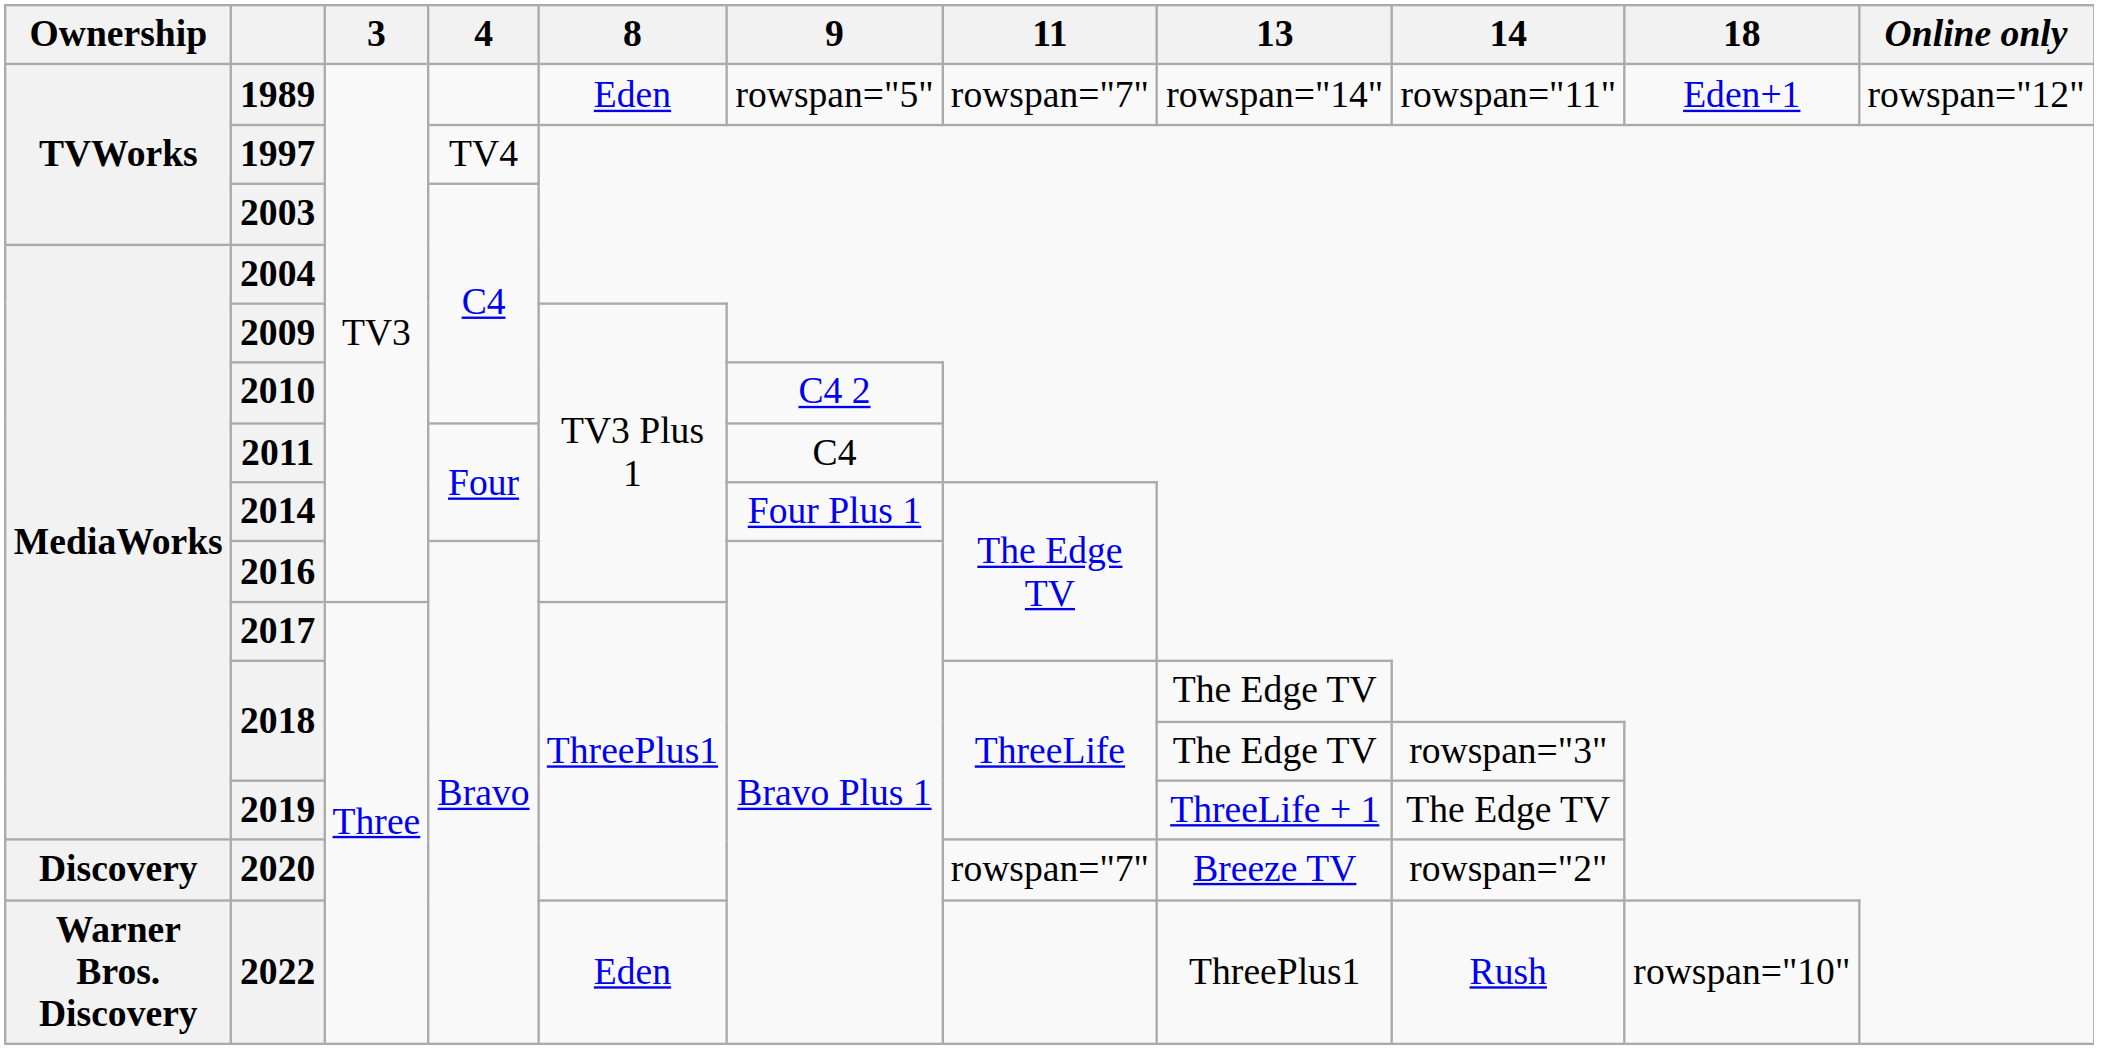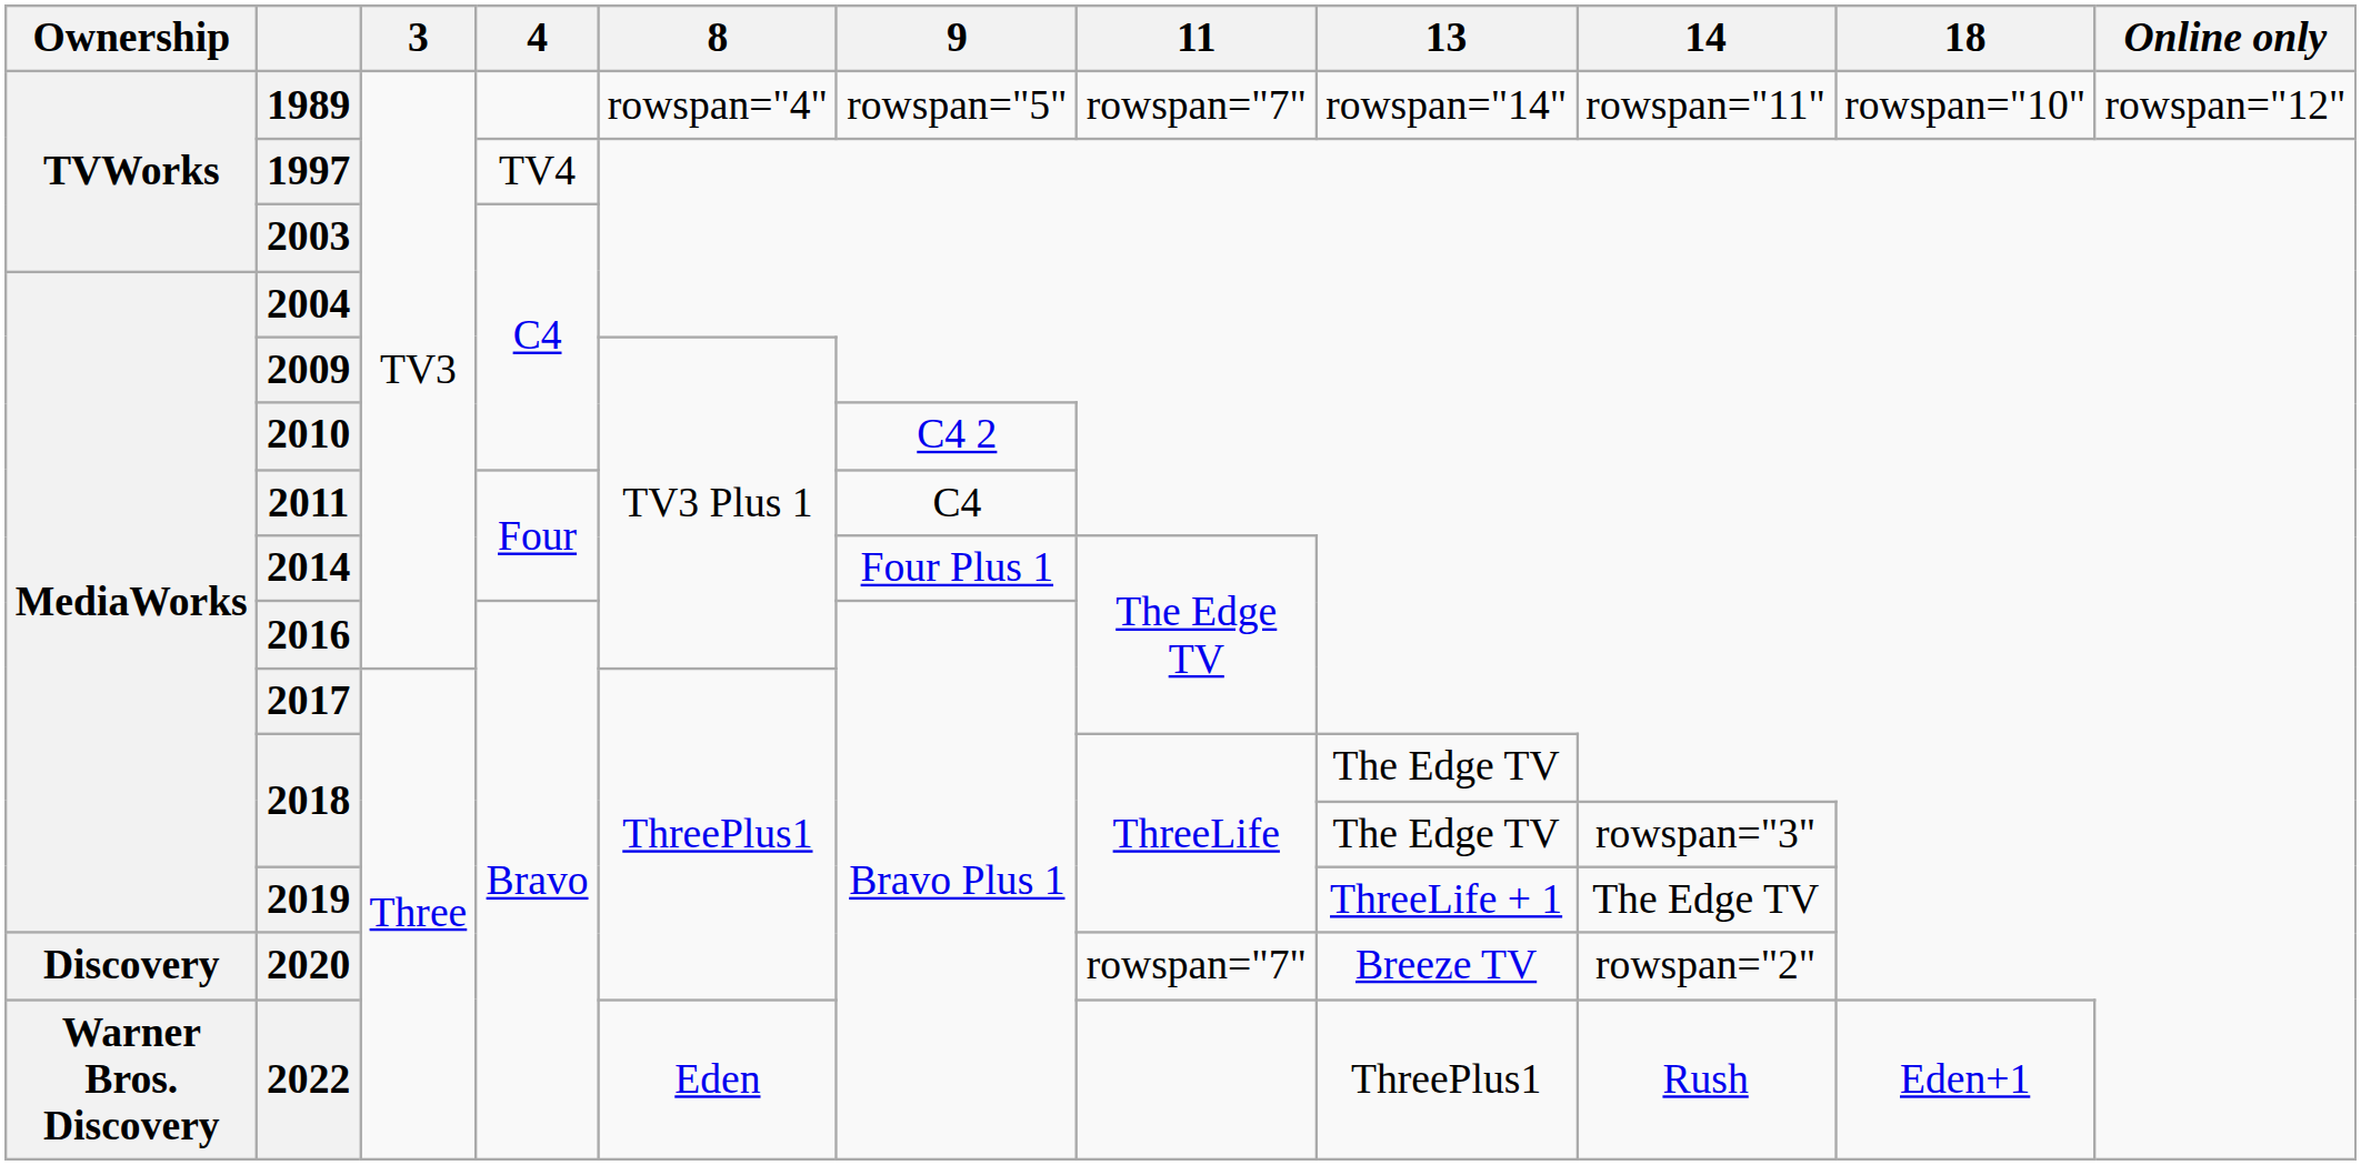 <table class="wikitable" style="text-align:center;">
 <tr>
 <th>Ownership</th>
 <th></th>
 <th>3</th>
 <th>4</th>
 <th>8</th>
 <th>9</th>
 <th>11</th>
 <th>13</th>
 <th>14</th>
 <th>18</th>
 <th><em>Online only</em></th>
 </tr>
 <tr>
 <th rowspan=3>TVWorks</th>
 <th>1989</th>
 <td rowspan="9">TV3</td>
 <td></td>
-<td><a href='#'>Eden</a></td>
+<td>rowspan="4" </td>
 <td>rowspan="5" </td>
 <td>rowspan="7" </td>
 <td>rowspan="14" </td>
 <td>rowspan="11" </td>
-<td><a href='#'>Eden+1</a></td>
+<td>rowspan="10" </td>
 <td>rowspan="12" </td>
 </tr>
 <tr>
 <th>1997</th>
 <td>TV4</td>
 </tr>
 <tr>
 <th>2003</th>
 <td rowspan="4"><a href='#'>C4</a></td>
 </tr>
 <tr>
 <th rowspan="10">MediaWorks</th>
 <th>2004</th>
 </tr>
 <tr>
 <th>2009</th>
 <td rowspan="5">TV3 Plus 1</td>
 </tr>
 <tr>
 <th>2010</th>
 <td><a href='#'>C4 2</a></td>
 </tr>
 <tr>
 <th>2011</th>
 <td rowspan="2"><a href='#'>Four</a></td>
 <td>C4</td>
 </tr>
 <tr>
 <th>2014</th>
 <td><a href='#'>Four Plus 1</a></td>
 <td rowspan="3"><a href='#'>The Edge TV</a></td>
 </tr>
 <tr>
 <th>2016</th>
 <td rowspan="20"><a href='#'>Bravo</a></td>
 <td rowspan="20"><a href='#'>Bravo Plus 1</a></td>
 </tr>
 <tr>
 <th>2017</th>
 <td rowspan="20"><a href='#'>Three</a></td>
 <td rowspan="5"><a href='#'>ThreePlus1</a></td>
 </tr>
 <tr>
 <th rowspan="2">2018</th>
 <td rowspan="3"><a href='#'>ThreeLife</a></td>
 <td>The Edge TV</td>
 </tr>
 <tr>
 <td>The Edge TV</td>
 <td>rowspan="3" </td>
 </tr>
 <tr>
 <th>2019</th>
 <td><a href='#'>ThreeLife + 1</a></td>
 <td>The Edge TV</td>
 </tr>
 <tr>
 <th>Discovery</th>
 <th>2020</th>
 <td>rowspan="7" </td>
 <td><a href='#'>Breeze TV</a></td>
 <td>rowspan="2" </td>
 </tr>
 <tr>
 <th>Warner Bros. Discovery</th>
 <th>2022</th>
 <td><a href='#'>Eden</a></td>
 <td></td>
 <td>ThreePlus1</td>
 <td><a href='#'>Rush</a></td>
-<td>rowspan="10" </td>
+<td><a href='#'>Eden+1</a></td>
 </tr>
 </table>
